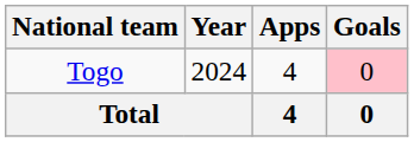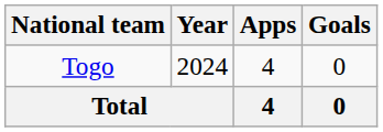 <table class="wikitable" style="text-align:center">
 <tr>
 <th>National team</th>
 <th>Year</th>
 <th>Apps</th>
 <th>Goals</th>
 </tr>
 <tr>
 <td rowspan="1"><a href='#'>Togo</a></td>
 <td>2024</td>
 <td>4</td>
-<td style="background: pink;">0</td>
+<td>0</td>
 </tr>
 <tr>
 <th colspan="2">Total</th>
 <th>4</th>
 <th>0</th>
 </tr>
 </table>
